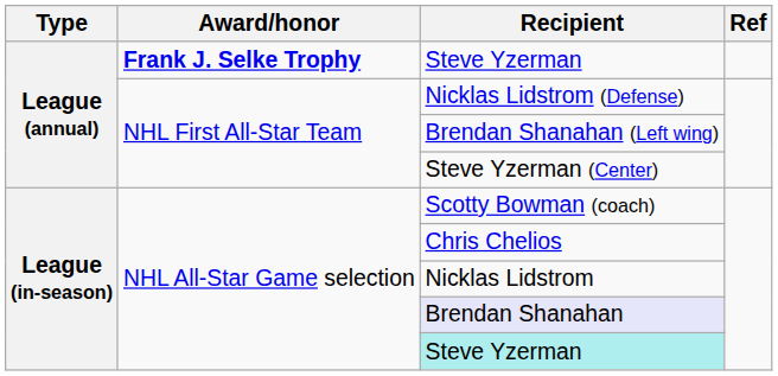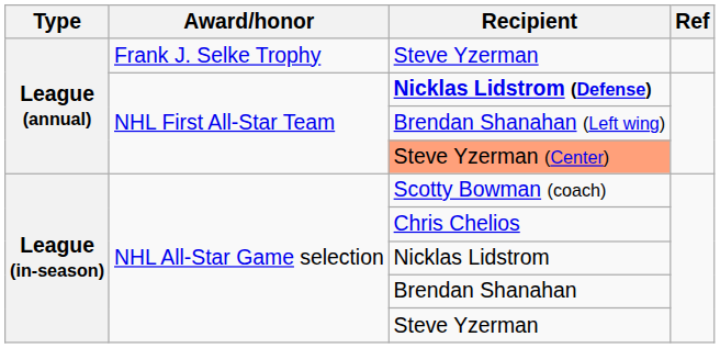 <table class="wikitable">
 <tr>
 <th scope="col">Type</th>
 <th scope="col">Award/honor</th>
 <th scope="col">Recipient</th>
 <th scope="col">Ref</th>
 </tr>
 <tr>
 <th scope="row" rowspan="4">League<br><small>(annual)</small></th>
-<td><strong><a href='#'>Frank J. Selke Trophy</a></strong></td>
+<td><a href='#'>Frank J. Selke Trophy</a></td>
 <td><a href='#'>Steve Yzerman</a></td>
 <td></td>
 </tr>
 <tr>
 <td rowspan="3"><a href='#'>NHL First All-Star Team</a></td>
-<td><a href='#'>Nicklas Lidstrom</a> <small>(<a href='#'>Defense</a>)</small></td>
+<td><strong><a href='#'>Nicklas Lidstrom</a> <small>(<a href='#'>Defense</a>)</small></strong></td>
 <td rowspan="3"></td>
 </tr>
 <tr>
 <td><a href='#'>Brendan Shanahan</a> <small>(<a href='#'>Left wing</a>)</small></td>
 </tr>
 <tr>
-<td>Steve Yzerman <small>(<a href='#'>Center</a>)</small></td>
+<td style="background: lightsalmon;">Steve Yzerman <small>(<a href='#'>Center</a>)</small></td>
 </tr>
 <tr>
 <th scope="row" rowspan="5">League<br><small>(in-season)</small></th>
 <td rowspan="5"><a href='#'>NHL All-Star Game</a> selection</td>
 <td><a href='#'>Scotty Bowman</a> <small>(coach)</small></td>
 <td rowspan="5"></td>
 </tr>
 <tr>
 <td><a href='#'>Chris Chelios</a></td>
 </tr>
 <tr>
 <td>Nicklas Lidstrom</td>
 </tr>
 <tr>
-<td style="background: lavender;">Brendan Shanahan</td>
+<td>Brendan Shanahan</td>
 </tr>
 <tr>
-<td style="background: paleturquoise;">Steve Yzerman</td>
+<td>Steve Yzerman</td>
 </tr>
 </table>
